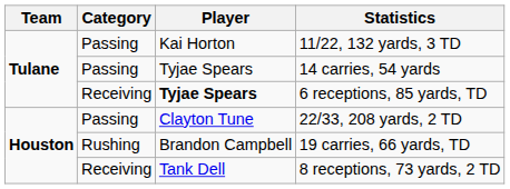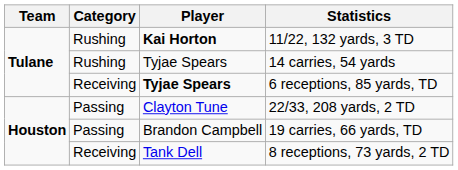 <table class="wikitable" style="float: right;">
 <tr>
 <th>Team</th>
 <th>Category</th>
 <th>Player</th>
 <th>Statistics</th>
 </tr>
 <tr>
 <td rowspan=3><strong>Tulane</strong></td>
-<td>Passing</td>
-<td>Kai Horton</td>
+<td>Rushing</td>
+<td><strong>Kai Horton</strong></td>
 <td>11/22, 132 yards, 3 TD</td>
 </tr>
 <tr>
-<td>Passing</td>
+<td>Rushing</td>
 <td>Tyjae Spears</td>
 <td>14 carries, 54 yards</td>
 </tr>
 <tr>
 <td>Receiving</td>
 <td><strong>Tyjae Spears</strong></td>
 <td>6 receptions, 85 yards, TD</td>
 </tr>
 <tr>
 <td rowspan=3><strong>Houston</strong></td>
 <td>Passing</td>
 <td><a href='#'>Clayton Tune</a></td>
 <td>22/33, 208 yards, 2 TD</td>
 </tr>
 <tr>
-<td>Rushing</td>
+<td>Passing</td>
 <td>Brandon Campbell</td>
 <td>19 carries, 66 yards, TD</td>
 </tr>
 <tr>
 <td>Receiving</td>
 <td><a href='#'>Tank Dell</a></td>
 <td>8 receptions, 73 yards, 2 TD</td>
 </tr>
 </table>
